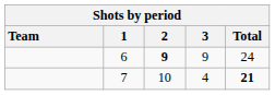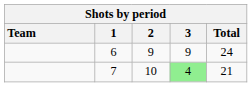 <table class="wikitable" style="width:20em;">
 <tr>
 <th colspan="6">Shots by period</th>
 </tr>
 <tr>
 <th style="width:8em; text-align:left;">Team</th>
 <th style="width:3em;">1</th>
 <th style="width:3em;">2</th>
 <th style="width:3em;">3</th>
 <th style="width:3em;">Total</th>
 </tr>
 <tr style="text-align:center;">
 <td style="text-align:left;"></td>
 <td>6</td>
-<td><strong>9</strong></td>
+<td>9</td>
 <td>9</td>
 <td>24</td>
 </tr>
 <tr style="text-align:center;">
 <td style="text-align:left;"></td>
 <td>7</td>
 <td>10</td>
-<td>4</td>
-<td><strong>21</strong></td>
+<td style="background: lightgreen;">4</td>
+<td>21</td>
 </tr>
 </table>
